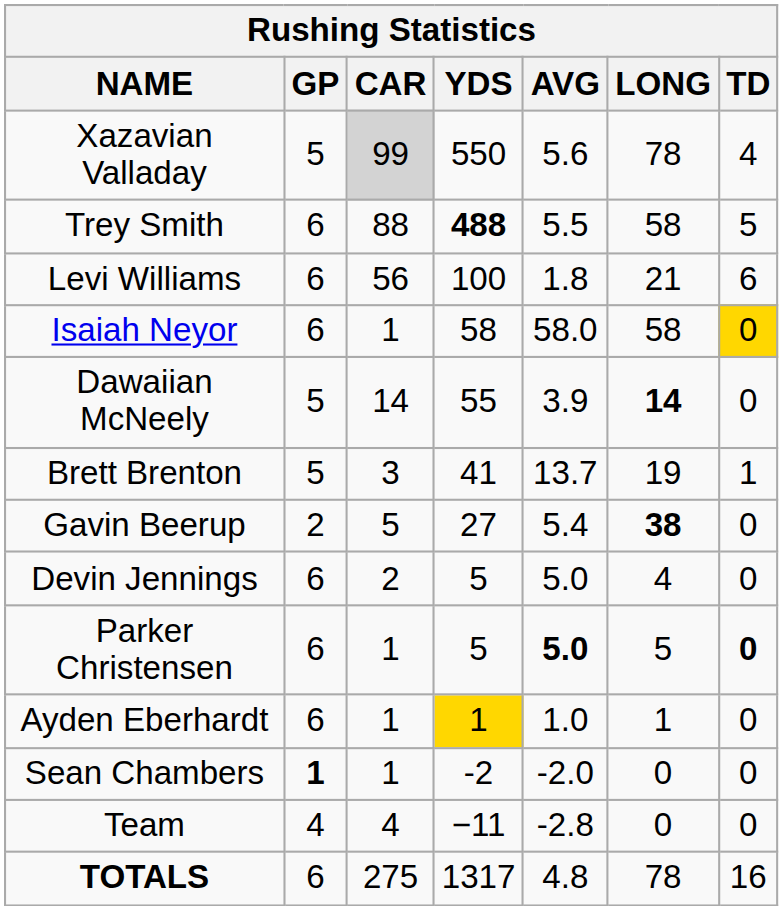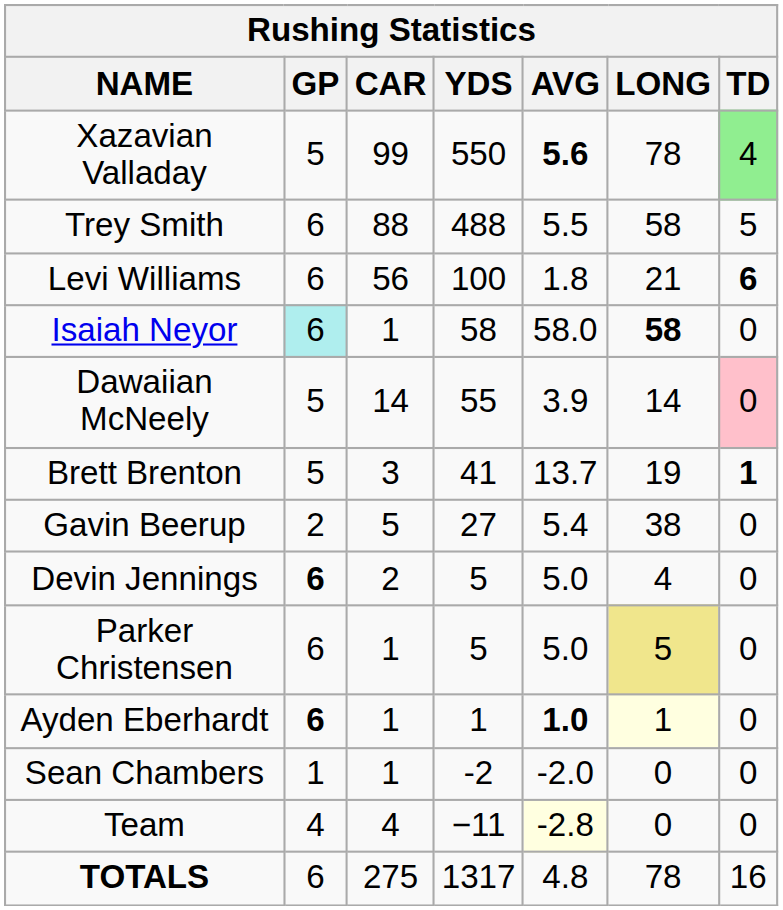 <table style="width:60%; text-align:center;" class="wikitable collapsible collapsed">
 <tr>
 <th colspan="7">Rushing Statistics</th>
 </tr>
 <tr>
 <th>NAME</th>
 <th>GP</th>
 <th>CAR</th>
 <th>YDS</th>
 <th>AVG</th>
 <th>LONG</th>
 <th>TD</th>
 </tr>
 <tr>
 <td>Xazavian Valladay</td>
 <td>5</td>
-<td style="background: lightgrey;">99</td>
+<td>99</td>
 <td>550</td>
-<td>5.6</td>
+<td><strong>5.6</strong></td>
 <td>78</td>
-<td>4</td>
+<td style="background: lightgreen;">4</td>
 </tr>
 <tr>
 <td>Trey Smith</td>
 <td>6</td>
 <td>88</td>
-<td><strong>488</strong></td>
+<td>488</td>
 <td>5.5</td>
 <td>58</td>
 <td>5</td>
 </tr>
 <tr>
 <td>Levi Williams</td>
 <td>6</td>
 <td>56</td>
 <td>100</td>
 <td>1.8</td>
 <td>21</td>
-<td>6</td>
+<td><strong>6</strong></td>
 </tr>
 <tr>
 <td><a href='#'>Isaiah Neyor</a></td>
-<td>6</td>
+<td style="background: paleturquoise;">6</td>
 <td>1</td>
 <td>58</td>
 <td>58.0</td>
-<td>58</td>
-<td style="background: gold;">0</td>
+<td><strong>58</strong></td>
+<td>0</td>
 </tr>
 <tr>
 <td>Dawaiian McNeely</td>
 <td>5</td>
 <td>14</td>
 <td>55</td>
 <td>3.9</td>
-<td><strong>14</strong></td>
-<td>0</td>
+<td>14</td>
+<td style="background: pink;">0</td>
 </tr>
 <tr>
 <td>Brett Brenton</td>
 <td>5</td>
 <td>3</td>
 <td>41</td>
 <td>13.7</td>
 <td>19</td>
-<td>1</td>
+<td><strong>1</strong></td>
 </tr>
 <tr>
 <td>Gavin Beerup</td>
 <td>2</td>
 <td>5</td>
 <td>27</td>
 <td>5.4</td>
-<td><strong>38</strong></td>
+<td>38</td>
 <td>0</td>
 </tr>
 <tr>
 <td>Devin Jennings</td>
-<td>6</td>
+<td><strong>6</strong></td>
 <td>2</td>
 <td>5</td>
 <td>5.0</td>
 <td>4</td>
 <td>0</td>
 </tr>
 <tr>
 <td>Parker Christensen</td>
 <td>6</td>
 <td>1</td>
 <td>5</td>
-<td><strong>5.0</strong></td>
-<td>5</td>
-<td><strong>0</strong></td>
+<td>5.0</td>
+<td style="background: khaki;">5</td>
+<td>0</td>
 </tr>
 <tr>
 <td>Ayden Eberhardt</td>
-<td>6</td>
+<td><strong>6</strong></td>
 <td>1</td>
-<td style="background: gold;">1</td>
-<td>1.0</td>
 <td>1</td>
+<td><strong>1.0</strong></td>
+<td style="background: lightyellow;">1</td>
 <td>0</td>
 </tr>
 <tr>
 <td>Sean Chambers</td>
-<td><strong>1</strong></td>
+<td>1</td>
 <td>1</td>
 <td>-2</td>
 <td>-2.0</td>
 <td>0</td>
 <td>0</td>
 </tr>
 <tr>
 <td>Team</td>
 <td>4</td>
 <td>4</td>
 <td>−11</td>
-<td>-2.8</td>
+<td style="background: lightyellow;">-2.8</td>
 <td>0</td>
 <td>0</td>
 </tr>
 <tr>
 <td><strong>TOTALS</strong></td>
 <td>6</td>
 <td>275</td>
 <td>1317</td>
 <td>4.8</td>
 <td>78</td>
 <td>16</td>
 </tr>
 </table>
